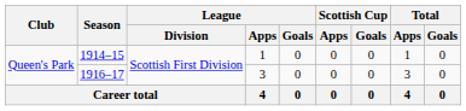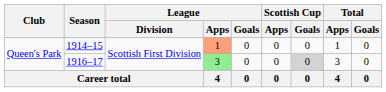 <table class="wikitable" style="text-align: center;">
 <tr>
 <th rowspan="2">Club</th>
 <th rowspan="2">Season</th>
 <th colspan="3">League</th>
 <th colspan="2">Scottish Cup</th>
 <th colspan="2">Total</th>
 </tr>
 <tr>
 <th>Division</th>
 <th>Apps</th>
 <th>Goals</th>
 <th>Apps</th>
 <th>Goals</th>
 <th>Apps</th>
 <th>Goals</th>
 </tr>
 <tr>
 <td rowspan="2"><a href='#'>Queen's Park</a></td>
 <td><a href='#'>1914–15</a></td>
 <td rowspan="2"><a href='#'>Scottish First Division</a></td>
-<td>1</td>
+<td style="background: lightsalmon;">1</td>
 <td>0</td>
 <td>0</td>
 <td>0</td>
 <td>1</td>
 <td>0</td>
 </tr>
 <tr>
 <td><a href='#'>1916–17</a></td>
-<td>3</td>
+<td style="background: lightgreen;">3</td>
 <td>0</td>
 <td>0</td>
-<td>0</td>
+<td style="background: lightgrey;">0</td>
 <td>3</td>
 <td>0</td>
 </tr>
 <tr>
 <th colspan="3">Career total</th>
 <th>4</th>
 <th>0</th>
 <th>0</th>
 <th>0</th>
 <th>4</th>
 <th>0</th>
 </tr>
 </table>
